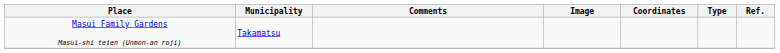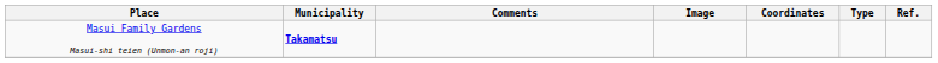 <table class="wikitable sortable"  style="width:100%;">
 <tr>
 <th width="30%" align="left">Place</th>
 <th width="10%" align="left">Municipality</th>
 <th width="30%" align="left" class="unsortable">Comments</th>
 <th width="10%" align="left"  class="unsortable">Image</th>
 <th width="10%" align="left" class="unsortable">Coordinates</th>
 <th width="5%" align="left">Type</th>
 <th width="5%" align="left"  class="unsortable">Ref.</th>
 </tr>
 <tr>
 <td align="center"><a href='#'>Masui Family Gardens</a><br><br><small><em>Masui-shi teien (Unmon-an roji)</em></small></td>
-<td><a href='#'>Takamatsu</a></td>
+<td><strong><a href='#'>Takamatsu</a></strong></td>
 <td></td>
 <td></td>
 <td></td>
 <td></td>
 <td></td>
 </tr>
 <tr>
 </tr>
 </table>
